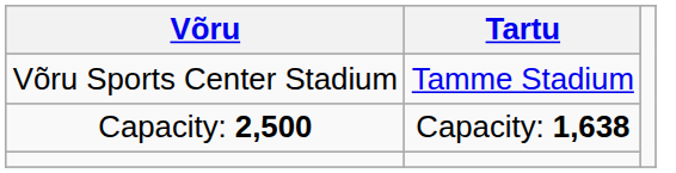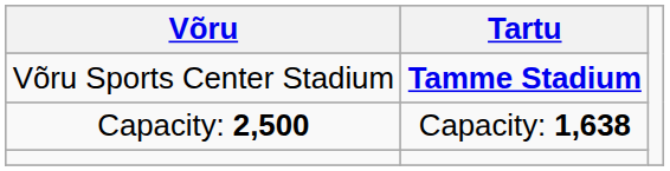 <table class="wikitable" style="text-align:center">
 <tr>
 <th><a href='#'>Võru</a></th>
 <th><a href='#'>Tartu</a></th>
 <td rowspan=4></td>
 </tr>
 <tr>
 <td>Võru Sports Center Stadium</td>
-<td><a href='#'>Tamme Stadium</a></td>
+<td><strong><a href='#'>Tamme Stadium</a></strong></td>
 </tr>
 <tr>
 <td>Capacity: <strong>2,500</strong></td>
 <td>Capacity: <strong>1,638</strong></td>
 </tr>
 <tr>
 <td></td>
 <td></td>
 </tr>
 </table>
